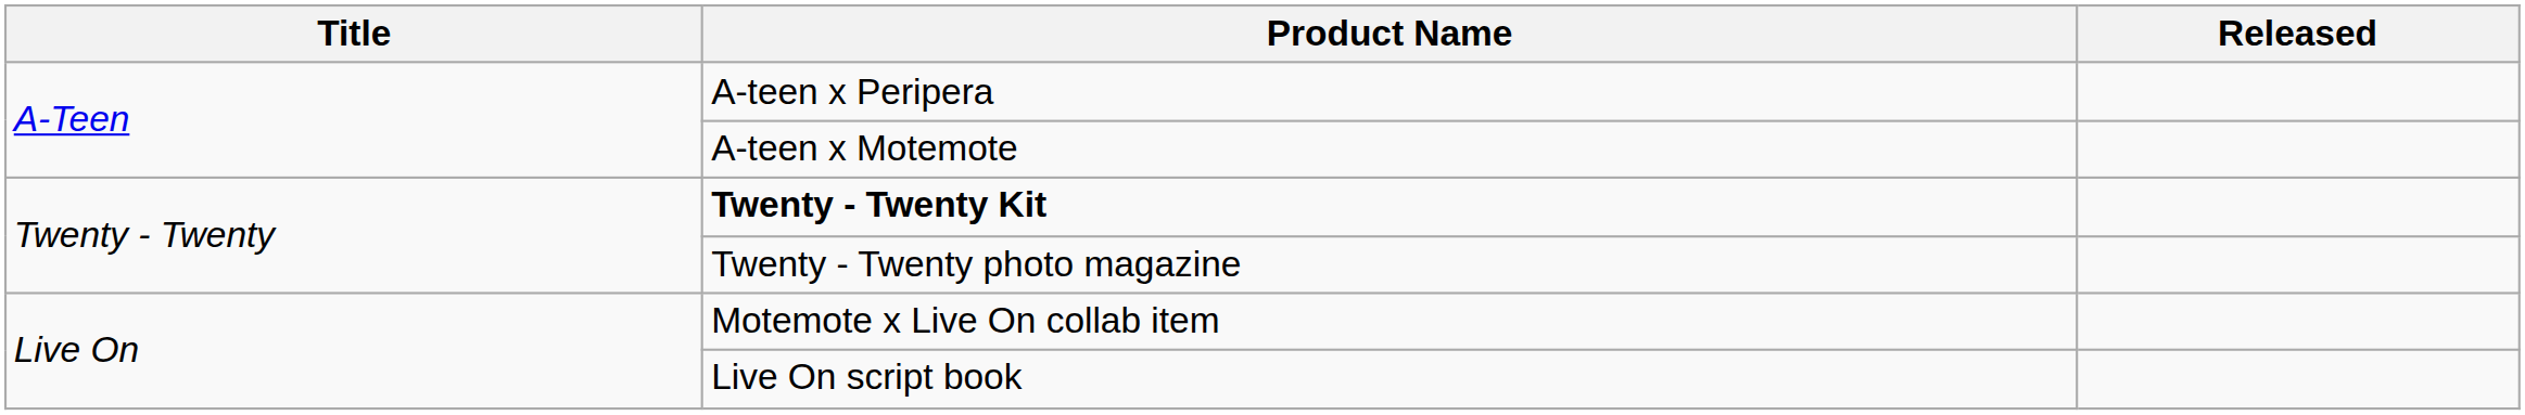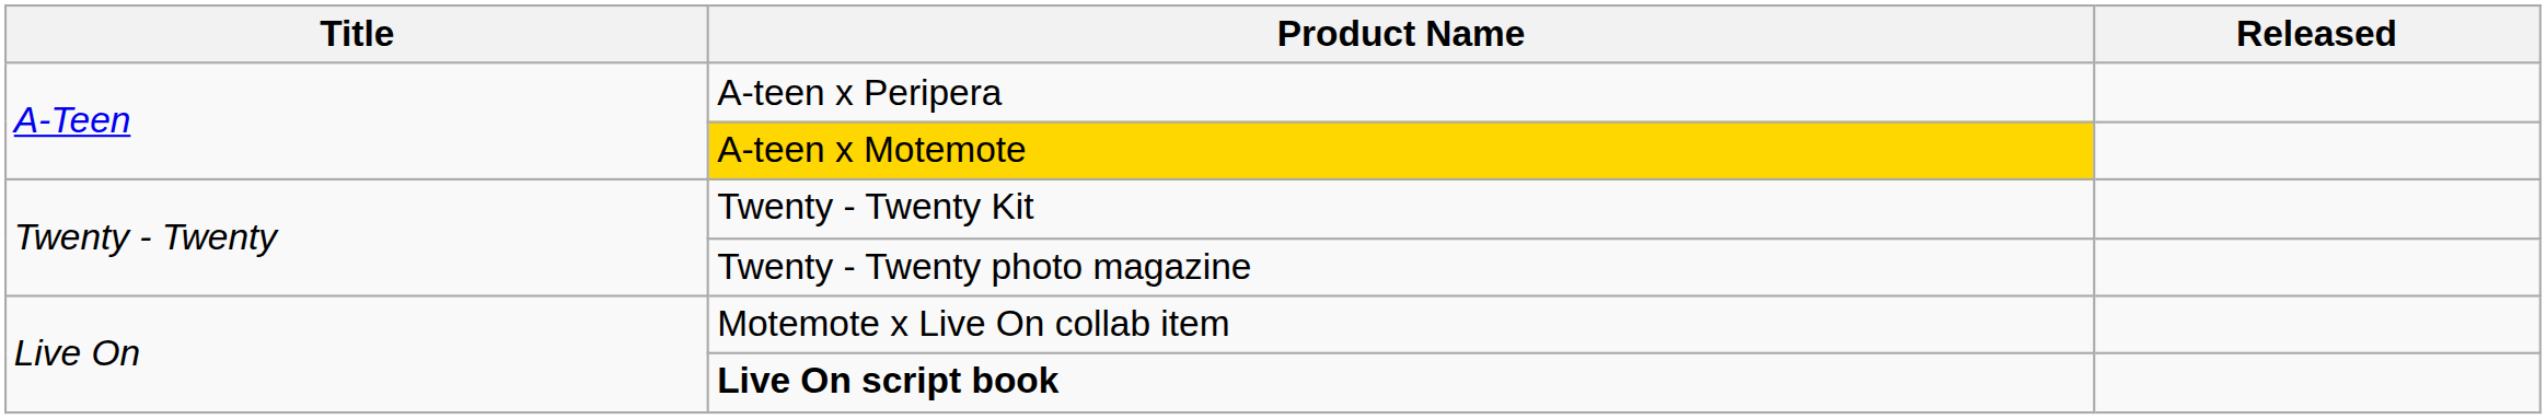 <table class="wikitable sortable" style="width:70%">
 <tr>
 <th>Title</th>
 <th>Product Name</th>
 <th>Released</th>
 </tr>
 <tr>
 <td rowspan="2'"><em><a href='#'>A-Teen</a></em></td>
 <td>A-teen x Peripera</td>
 <td></td>
 </tr>
 <tr>
-<td>A-teen x Motemote</td>
+<td style="background: gold;">A-teen x Motemote</td>
 <td></td>
 </tr>
 <tr>
 <td rowspan="2'"><em>Twenty - Twenty</em></td>
-<td><strong>Twenty - Twenty Kit</strong></td>
+<td>Twenty - Twenty Kit</td>
 <td></td>
 </tr>
 <tr>
 <td>Twenty - Twenty photo magazine</td>
 <td></td>
 </tr>
 <tr>
 <td rowspan="2'"><em>Live On</em></td>
 <td>Motemote x Live On collab item</td>
 <td></td>
 </tr>
 <tr>
-<td>Live On script book</td>
+<td><strong>Live On script book</strong></td>
 <td></td>
 </tr>
 </table>
